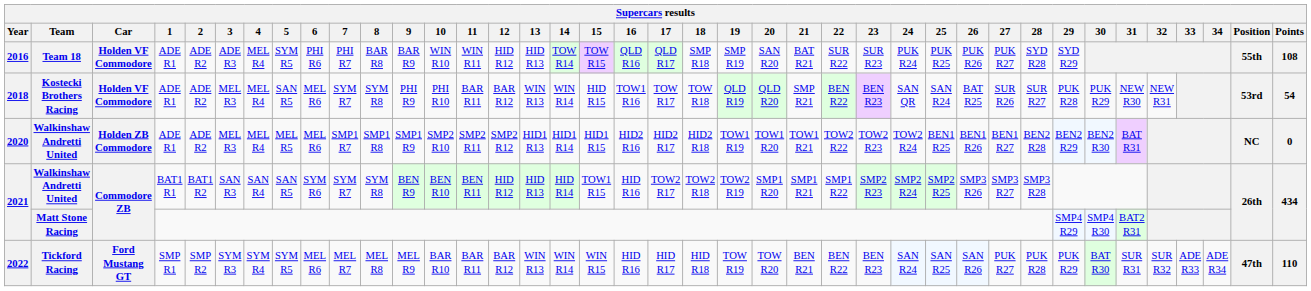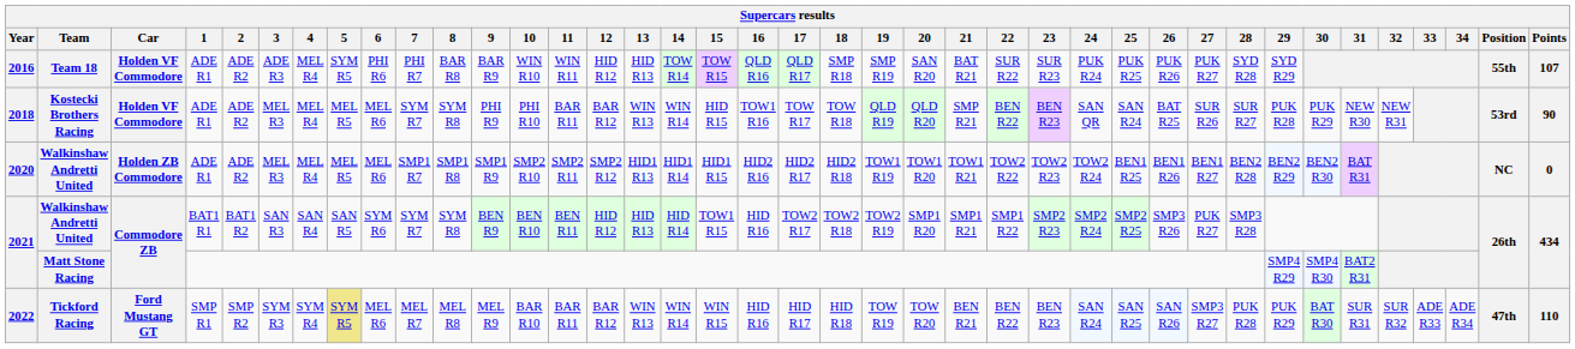 <table class="wikitable" style="text-align:center; font-size:75%">
 <tr>
 <th colspan=45><a href='#'>Supercars</a> results</th>
 </tr>
 <tr>
 <th>Year</th>
 <th>Team</th>
 <th>Car</th>
 <th>1</th>
 <th>2</th>
 <th>3</th>
 <th>4</th>
 <th>5</th>
 <th>6</th>
 <th>7</th>
 <th>8</th>
 <th>9</th>
 <th>10</th>
 <th>11</th>
 <th>12</th>
 <th>13</th>
 <th>14</th>
 <th>15</th>
 <th>16</th>
 <th>17</th>
 <th>18</th>
 <th>19</th>
 <th>20</th>
 <th>21</th>
 <th>22</th>
 <th>23</th>
 <th>24</th>
 <th>25</th>
 <th>26</th>
 <th>27</th>
 <th>28</th>
 <th>29</th>
 <th>30</th>
 <th>31</th>
 <th>32</th>
 <th>33</th>
 <th>34</th>
 <th>Position</th>
 <th>Points</th>
 </tr>
 <tr>
 <th><a href='#'>2016</a></th>
 <th><a href='#'>Team 18</a></th>
 <th><a href='#'>Holden VF Commodore</a></th>
 <td><a href='#'>ADE<br>R1</a></td>
 <td><a href='#'>ADE<br>R2</a></td>
 <td><a href='#'>ADE<br>R3</a></td>
 <td><a href='#'>MEL<br>R4</a></td>
 <td><a href='#'>SYM<br>R5</a></td>
 <td><a href='#'>PHI<br>R6</a></td>
 <td><a href='#'>PHI<br>R7</a></td>
 <td><a href='#'>BAR<br>R8</a></td>
 <td><a href='#'>BAR<br>R9</a></td>
 <td><a href='#'>WIN<br>R10</a></td>
 <td><a href='#'>WIN<br>R11</a></td>
 <td><a href='#'>HID<br>R12</a></td>
 <td><a href='#'>HID<br>R13</a></td>
 <td style="background: #dfffdf"><a href='#'>TOW<br>R14</a><br></td>
 <td style="background: #efcfff"><a href='#'>TOW<br>R15</a><br></td>
 <td style="background: #dfffdf"><a href='#'>QLD<br>R16</a><br></td>
 <td style="background: #dfffdf"><a href='#'>QLD<br>R17</a><br></td>
 <td><a href='#'>SMP<br>R18</a></td>
 <td><a href='#'>SMP<br>R19</a></td>
 <td><a href='#'>SAN<br>R20</a></td>
 <td><a href='#'>BAT<br>R21</a></td>
 <td><a href='#'>SUR<br>R22</a></td>
 <td><a href='#'>SUR<br>R23</a></td>
 <td><a href='#'>PUK<br>R24</a></td>
 <td><a href='#'>PUK<br>R25</a></td>
 <td><a href='#'>PUK<br>R26</a></td>
 <td><a href='#'>PUK<br>R27</a></td>
 <td><a href='#'>SYD<br>R28</a></td>
 <td><a href='#'>SYD<br>R29</a></td>
 <th colspan=5></th>
 <th>55th</th>
-<th>108</th>
+<th>107</th>
 </tr>
 <tr>
 <th><a href='#'>2018</a></th>
 <th><a href='#'>Kostecki Brothers Racing</a></th>
 <th><a href='#'>Holden VF Commodore</a></th>
 <td><a href='#'>ADE<br>R1</a></td>
 <td><a href='#'>ADE<br>R2</a></td>
 <td><a href='#'>MEL<br>R3</a></td>
 <td><a href='#'>MEL<br>R4</a></td>
-<td><a href='#'>SAN<br>R5</a></td>
+<td><a href='#'>MEL<br>R5</a></td>
 <td><a href='#'>MEL<br>R6</a></td>
 <td><a href='#'>SYM<br>R7</a></td>
 <td><a href='#'>SYM<br>R8</a></td>
 <td><a href='#'>PHI<br>R9</a></td>
 <td><a href='#'>PHI<br>R10</a></td>
 <td><a href='#'>BAR<br>R11</a></td>
 <td><a href='#'>BAR<br>R12</a></td>
 <td><a href='#'>WIN<br>R13</a></td>
 <td><a href='#'>WIN<br>R14</a></td>
 <td><a href='#'>HID<br>R15</a></td>
 <td><a href='#'>TOW1<br>R16</a></td>
 <td><a href='#'>TOW<br>R17</a></td>
 <td><a href='#'>TOW<br>R18</a></td>
 <td style="background: #dfffdf"><a href='#'>QLD<br>R19</a><br></td>
 <td style="background: #dfffdf"><a href='#'>QLD<br>R20</a><br></td>
 <td><a href='#'>SMP<br>R21</a></td>
 <td style="background: #dfffdf"><a href='#'>BEN<br>R22</a><br></td>
 <td style="background: #efcfff"><a href='#'>BEN<br>R23</a><br></td>
 <td><a href='#'>SAN<br>QR</a></td>
 <td><a href='#'>SAN<br>R24</a></td>
 <td><a href='#'>BAT<br>R25</a></td>
 <td><a href='#'>SUR<br>R26</a></td>
 <td><a href='#'>SUR<br>R27</a></td>
 <td><a href='#'>PUK<br>R28</a></td>
 <td><a href='#'>PUK<br>R29</a></td>
 <td><a href='#'>NEW<br>R30</a></td>
 <td><a href='#'>NEW<br>R31</a></td>
 <th colspan=2></th>
 <th>53rd</th>
-<th>54</th>
+<th>90</th>
 </tr>
 <tr>
 <th><a href='#'>2020</a></th>
 <th><a href='#'>Walkinshaw Andretti United</a></th>
 <th><a href='#'>Holden ZB Commodore</a></th>
 <td><a href='#'>ADE<br>R1</a></td>
 <td><a href='#'>ADE<br>R2</a></td>
 <td><a href='#'>MEL<br>R3</a></td>
 <td><a href='#'>MEL<br>R4</a></td>
 <td><a href='#'>MEL<br>R5</a></td>
 <td><a href='#'>MEL<br>R6</a></td>
 <td><a href='#'>SMP1<br>R7</a></td>
 <td><a href='#'>SMP1<br>R8</a></td>
 <td><a href='#'>SMP1<br>R9</a></td>
 <td><a href='#'>SMP2<br>R10</a></td>
 <td><a href='#'>SMP2<br>R11</a></td>
 <td><a href='#'>SMP2<br>R12</a></td>
 <td><a href='#'>HID1<br>R13</a></td>
 <td><a href='#'>HID1<br>R14</a></td>
 <td><a href='#'>HID1<br>R15</a></td>
 <td><a href='#'>HID2<br>R16</a></td>
 <td><a href='#'>HID2<br>R17</a></td>
 <td><a href='#'>HID2<br>R18</a></td>
 <td><a href='#'>TOW1<br>R19</a></td>
 <td><a href='#'>TOW1<br>R20</a></td>
 <td><a href='#'>TOW1<br>R21</a></td>
 <td><a href='#'>TOW2<br>R22</a></td>
 <td><a href='#'>TOW2<br>R23</a></td>
 <td><a href='#'>TOW2<br>R24</a></td>
 <td><a href='#'>BEN1<br>R25</a></td>
 <td><a href='#'>BEN1<br>R26</a></td>
 <td><a href='#'>BEN1<br>R27</a></td>
 <td><a href='#'>BEN2<br>R28</a></td>
 <td style="background: #f1f8ff"><a href='#'>BEN2<br>R29</a><br></td>
 <td style="background: #f1f8ff"><a href='#'>BEN2<br>R30</a><br></td>
 <td style="background: #efcfff"><a href='#'>BAT<br>R31</a><br></td>
 <th colspan=3></th>
 <th>NC</th>
 <th>0</th>
 </tr>
 <tr>
 <th rowspan=2><a href='#'>2021</a></th>
 <th><a href='#'>Walkinshaw Andretti United</a></th>
 <th rowspan=2><a href='#'>Commodore ZB</a></th>
 <td><a href='#'>BAT1<br>R1</a></td>
 <td><a href='#'>BAT1<br>R2</a></td>
 <td><a href='#'>SAN<br>R3</a></td>
 <td><a href='#'>SAN<br>R4</a></td>
 <td><a href='#'>SAN<br>R5</a></td>
 <td><a href='#'>SYM<br>R6</a></td>
 <td><a href='#'>SYM<br>R7</a></td>
 <td><a href='#'>SYM<br>R8</a></td>
 <td style="background: #dfffdf"><a href='#'>BEN<br>R9</a><br></td>
 <td style="background: #dfffdf"><a href='#'>BEN<br>R10</a><br></td>
 <td style="background: #dfffdf"><a href='#'>BEN<br>R11</a><br></td>
 <td style="background: #dfffdf"><a href='#'>HID<br>R12</a><br></td>
 <td style="background: #dfffdf"><a href='#'>HID<br>R13</a><br></td>
 <td style="background: #dfffdf"><a href='#'>HID<br>R14</a><br></td>
 <td><a href='#'>TOW1<br>R15</a></td>
 <td><a href='#'>HID<br>R16</a></td>
 <td><a href='#'>TOW2<br>R17</a></td>
 <td><a href='#'>TOW2<br>R18</a></td>
 <td><a href='#'>TOW2<br>R19</a></td>
 <td><a href='#'>SMP1<br>R20</a></td>
 <td><a href='#'>SMP1<br>R21</a></td>
 <td><a href='#'>SMP1<br>R22</a></td>
 <td style="background: #dfffdf"><a href='#'>SMP2<br>R23</a><br></td>
 <td style="background: #dfffdf"><a href='#'>SMP2<br>R24</a><br></td>
 <td style="background: #dfffdf"><a href='#'>SMP2<br>R25</a><br></td>
 <td><a href='#'>SMP3<br>R26</a></td>
-<td><a href='#'>SMP3<br>R27</a></td>
+<td><a href='#'>PUK<br>R27</a></td>
 <td><a href='#'>SMP3<br>R28</a></td>
 <td colspan=3></td>
 <th colspan=3></th>
 <th rowspan=2>26th</th>
 <th rowspan=2>434</th>
 </tr>
 <tr>
 <th><a href='#'>Matt Stone Racing</a></th>
 <td colspan=28></td>
 <td style="background: #f1f8ff"><a href='#'>SMP4<br>R29</a><br></td>
 <td style="background: #f1f8ff"><a href='#'>SMP4<br>R30</a><br></td>
 <td style="background: #dfffdf"><a href='#'>BAT2<br>R31</a><br></td>
 <th colspan=3></th>
 </tr>
 <tr>
 <th><a href='#'>2022</a></th>
 <th><a href='#'>Tickford Racing</a></th>
 <th><a href='#'>Ford Mustang GT</a></th>
 <td><a href='#'>SMP<br>R1</a></td>
 <td><a href='#'>SMP<br>R2</a></td>
 <td><a href='#'>SYM<br>R3</a></td>
 <td><a href='#'>SYM<br>R4</a></td>
-<td><a href='#'>SYM<br>R5</a></td>
+<td style="background: khaki;"><a href='#'>SYM<br>R5</a></td>
 <td><a href='#'>MEL<br>R6</a></td>
 <td><a href='#'>MEL<br>R7</a></td>
 <td><a href='#'>MEL<br>R8</a></td>
 <td><a href='#'>MEL<br>R9</a></td>
 <td><a href='#'>BAR<br>R10</a></td>
 <td><a href='#'>BAR<br>R11</a></td>
 <td><a href='#'>BAR<br>R12</a></td>
 <td><a href='#'>WIN<br>R13</a></td>
 <td><a href='#'>WIN<br>R14</a></td>
 <td><a href='#'>WIN<br>R15</a></td>
 <td><a href='#'>HID<br>R16</a></td>
 <td><a href='#'>HID<br>R17</a></td>
 <td><a href='#'>HID<br>R18</a></td>
 <td><a href='#'>TOW<br>R19</a></td>
 <td><a href='#'>TOW<br>R20</a></td>
 <td><a href='#'>BEN<br>R21</a></td>
 <td><a href='#'>BEN<br>R22</a></td>
 <td><a href='#'>BEN<br>R23</a></td>
 <td style="background: #f1f8ff"><a href='#'>SAN<br>R24</a><br></td>
 <td style="background: #f1f8ff"><a href='#'>SAN<br>R25</a><br></td>
 <td style="background: #f1f8ff"><a href='#'>SAN<br>R26</a><br></td>
-<td><a href='#'>PUK<br>R27</a></td>
+<td><a href='#'>SMP3<br>R27</a></td>
 <td><a href='#'>PUK<br>R28</a></td>
 <td><a href='#'>PUK<br>R29</a></td>
 <td style="background: #dfffdf"><a href='#'>BAT<br>R30</a><br></td>
 <td><a href='#'>SUR<br>R31</a></td>
 <td><a href='#'>SUR<br>R32</a></td>
 <td><a href='#'>ADE<br>R33</a></td>
 <td><a href='#'>ADE<br>R34</a></td>
 <th>47th</th>
 <th>110</th>
 </tr>
 </table>
